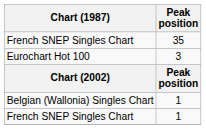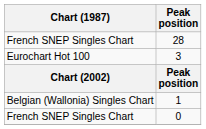 <table class="wikitable sortable">
 <tr>
 <th>Chart (1987)</th>
 <th>Peak<br>position</th>
 </tr>
 <tr>
 <td>French SNEP Singles Chart</td>
-<td align="center">35</td>
+<td align="center">28</td>
 </tr>
 <tr>
 <td>Eurochart Hot 100</td>
 <td align="center">3</td>
 </tr>
 <tr>
 <th>Chart (2002)</th>
 <th>Peak<br>position</th>
 </tr>
 <tr>
 <td>Belgian (Wallonia) Singles Chart</td>
 <td align="center">1</td>
 </tr>
 <tr>
 <td>French SNEP Singles Chart</td>
-<td align="center">1</td>
+<td align="center">0</td>
 </tr>
 <tr>
 </tr>
 </table>
